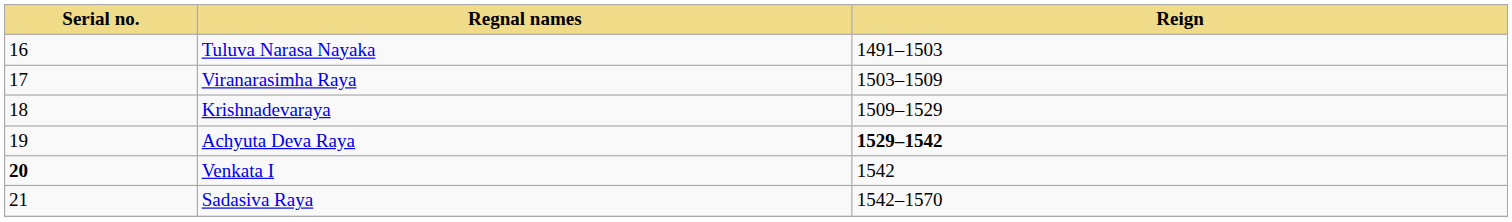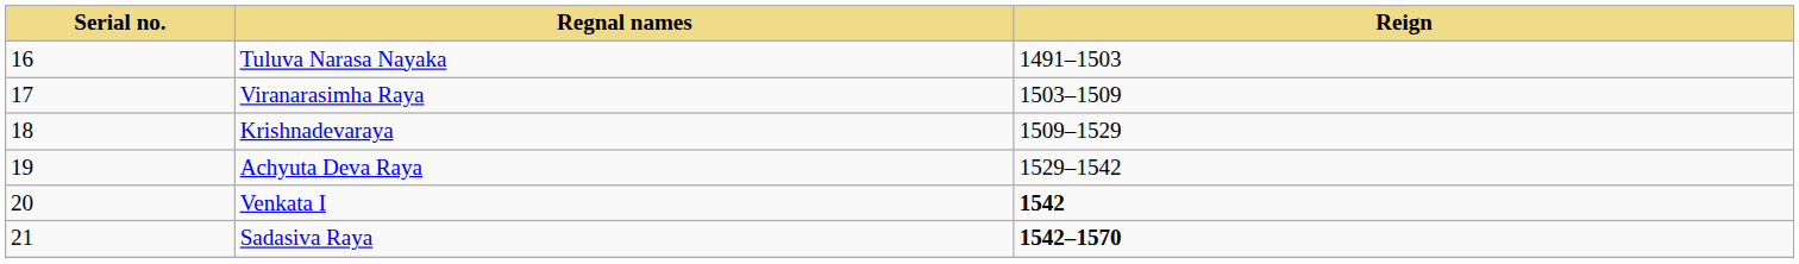 <table style="width:100%;" class="wikitable">
 <tr>
 <th style="background:#f0dc88; width:5%;">Serial no.</th>
 <th style="background:#f0dc88; width:17%;">Regnal names</th>
 <th style="background:#f0dc88; width:17%;">Reign</th>
 </tr>
 <tr>
 <td>16</td>
 <td><a href='#'>Tuluva Narasa Nayaka</a></td>
 <td>1491–1503</td>
 </tr>
 <tr>
 <td>17</td>
 <td><a href='#'>Viranarasimha Raya</a></td>
 <td>1503–1509</td>
 </tr>
 <tr>
 <td>18</td>
 <td><a href='#'>Krishnadevaraya</a></td>
 <td>1509–1529</td>
 </tr>
 <tr>
 <td>19</td>
 <td><a href='#'>Achyuta Deva Raya</a></td>
-<td><strong>1529–1542</strong></td>
+<td>1529–1542</td>
 </tr>
 <tr>
-<td><strong>20</strong></td>
+<td>20</td>
 <td><a href='#'>Venkata I</a></td>
-<td>1542</td>
+<td><strong>1542</strong></td>
 </tr>
 <tr>
 <td>21</td>
 <td><a href='#'>Sadasiva Raya</a></td>
-<td>1542–1570</td>
+<td><strong>1542–1570</strong></td>
 </tr>
 <tr>
 </tr>
 </table>
